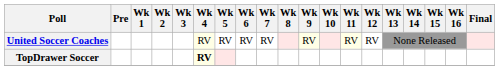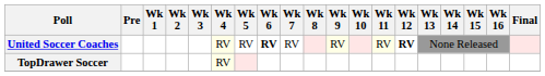 <table class="wikitable" style="white-space:nowrap;text-align:center;">
 <tr>
 <th>Poll</th>
 <th>Pre</th>
 <th>Wk<br>1</th>
 <th>Wk<br>2</th>
 <th>Wk<br>3</th>
 <th>Wk<br>4</th>
 <th>Wk<br>5</th>
 <th>Wk<br>6</th>
 <th>Wk<br>7</th>
 <th>Wk<br>8</th>
 <th>Wk<br>9</th>
 <th>Wk<br>10</th>
 <th>Wk<br>11</th>
 <th>Wk<br>12</th>
 <th>Wk<br>13</th>
 <th>Wk<br>14</th>
 <th>Wk<br>15</th>
 <th>Wk<br>16</th>
 <th>Final<br></th>
 </tr>
 <tr>
 <th><a href='#'>United Soccer Coaches</a></th>
 <td style="background:#FFF;"></td>
 <td style="background:#FFF;"></td>
 <td style="background:#FFF;"></td>
 <td style="background:#FFF;"></td>
 <td style="background:#FFFFE6;">RV</td>
 <td style="background:#FFF;">RV</td>
-<td style="background:#FFF;">RV</td>
+<td style="background:#FFF;"><strong>RV</strong></td>
 <td style="background:#FFF;">RV</td>
 <td style="background:#FFE6E6;"></td>
 <td style="background:#FFFFE6;">RV</td>
 <td style="background:#FFE6E6;"></td>
 <td style="background:#FFFFE6;">RV</td>
-<td style="background:#FFF;">RV</td>
+<td style="background:#FFF;"><strong>RV</strong></td>
 <td colspan=4 style="background:#999;">None Released</td>
 <td style="background:#FFE6E6;"></td>
 </tr>
 <tr>
 <th>TopDrawer Soccer </th>
 <td style="background:#FFF;"></td>
 <td style="background:#FFF;"></td>
 <td style="background:#FFF;"></td>
 <td style="background:#FFF;"></td>
-<td style="background:#FFFFE6;"><strong>RV</strong></td>
+<td style="background:#FFFFE6;">RV</td>
 <td style="background:#FFE6E6;"></td>
 <td style="background:#FFF;"></td>
 <td style="background:#FFF;"></td>
 <td style="background:#FFF;"></td>
 <td style="background:#FFF;"></td>
 <td style="background:#FFF;"></td>
 <td style="background:#FFF;"></td>
 <td style="background:#FFF;"></td>
 <td style="background:#FFF;"></td>
 <td style="background:#FFF;"></td>
 <td style="background:#FFF;"></td>
 <td style="background:#FFF;"></td>
 <td style="background:#FFF;"></td>
 </tr>
 <tr>
 </tr>
 </table>
